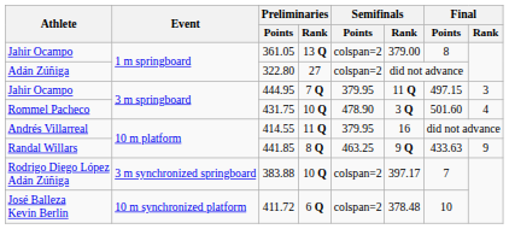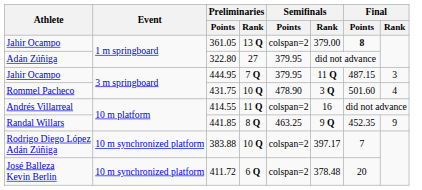 <table class=wikitable style="font-size:90%;">
 <tr>
 <th rowspan="2">Athlete</th>
 <th rowspan="2">Event</th>
 <th colspan="2">Preliminaries</th>
 <th colspan="2">Semifinals</th>
 <th colspan="2">Final</th>
 </tr>
 <tr style="font-size:95%">
 <th>Points</th>
 <th>Rank</th>
 <th>Points</th>
 <th>Rank</th>
 <th>Points</th>
 <th>Rank</th>
 </tr>
 <tr align=center>
 <td align=left><a href='#'>Jahir Ocampo</a></td>
 <td align=left rowspan=2><a href='#'>1 m springboard</a></td>
 <td>361.05</td>
 <td>13 <strong>Q</strong></td>
 <td>colspan=2 </td>
 <td>379.00</td>
-<td>8</td>
+<td><strong>8</strong></td>
 </tr>
 <tr align=center>
 <td align=left><a href='#'>Adán Zúñiga</a></td>
 <td>322.80</td>
 <td>27</td>
-<td>colspan=2 </td>
+<td>379.95</td>
 <td colspan=2>did not advance</td>
 </tr>
 <tr align=center>
 <td align=left><a href='#'>Jahir Ocampo</a></td>
 <td align=left rowspan=2><a href='#'>3 m springboard</a></td>
 <td>444.95</td>
 <td>7 <strong>Q</strong></td>
 <td>379.95</td>
 <td>11 <strong>Q</strong></td>
-<td>497.15</td>
+<td>487.15</td>
 <td>3</td>
 </tr>
 <tr align=center>
 <td align=left><a href='#'>Rommel Pacheco</a></td>
 <td>431.75</td>
 <td>10 <strong>Q</strong></td>
 <td>478.90</td>
 <td>3 <strong>Q</strong></td>
 <td>501.60</td>
 <td>4</td>
 </tr>
 <tr align=center>
 <td align=left><a href='#'>Andrés Villarreal</a></td>
 <td align=left rowspan=2><a href='#'>10 m platform</a></td>
 <td>414.55</td>
 <td>11 <strong>Q</strong></td>
-<td>379.95</td>
+<td>colspan=2 </td>
 <td>16</td>
 <td colspan=2>did not advance</td>
 </tr>
 <tr align=center>
 <td align=left><a href='#'>Randal Willars</a></td>
 <td>441.85</td>
 <td>8 <strong>Q</strong></td>
 <td>463.25</td>
 <td>9 <strong>Q</strong></td>
-<td>433.63</td>
+<td>452.35</td>
 <td>9</td>
 </tr>
 <tr align=center>
 <td align=left><a href='#'>Rodrigo Diego López</a><br><a href='#'>Adán Zúñiga</a></td>
-<td align=left><a href='#'>3 m synchronized springboard</a></td>
+<td align=left><a href='#'>10 m synchronized platform</a></td>
 <td>383.88</td>
 <td>10 <strong>Q</strong></td>
 <td>colspan=2 </td>
 <td>397.17</td>
 <td>7</td>
 </tr>
 <tr align=center>
 <td align=left><a href='#'>José Balleza</a><br><a href='#'>Kevin Berlin</a></td>
 <td align=left><a href='#'>10 m synchronized platform</a></td>
 <td>411.72</td>
 <td>6 <strong>Q</strong></td>
 <td>colspan=2 </td>
 <td>378.48</td>
-<td>10</td>
+<td>20</td>
 </tr>
 </table>
